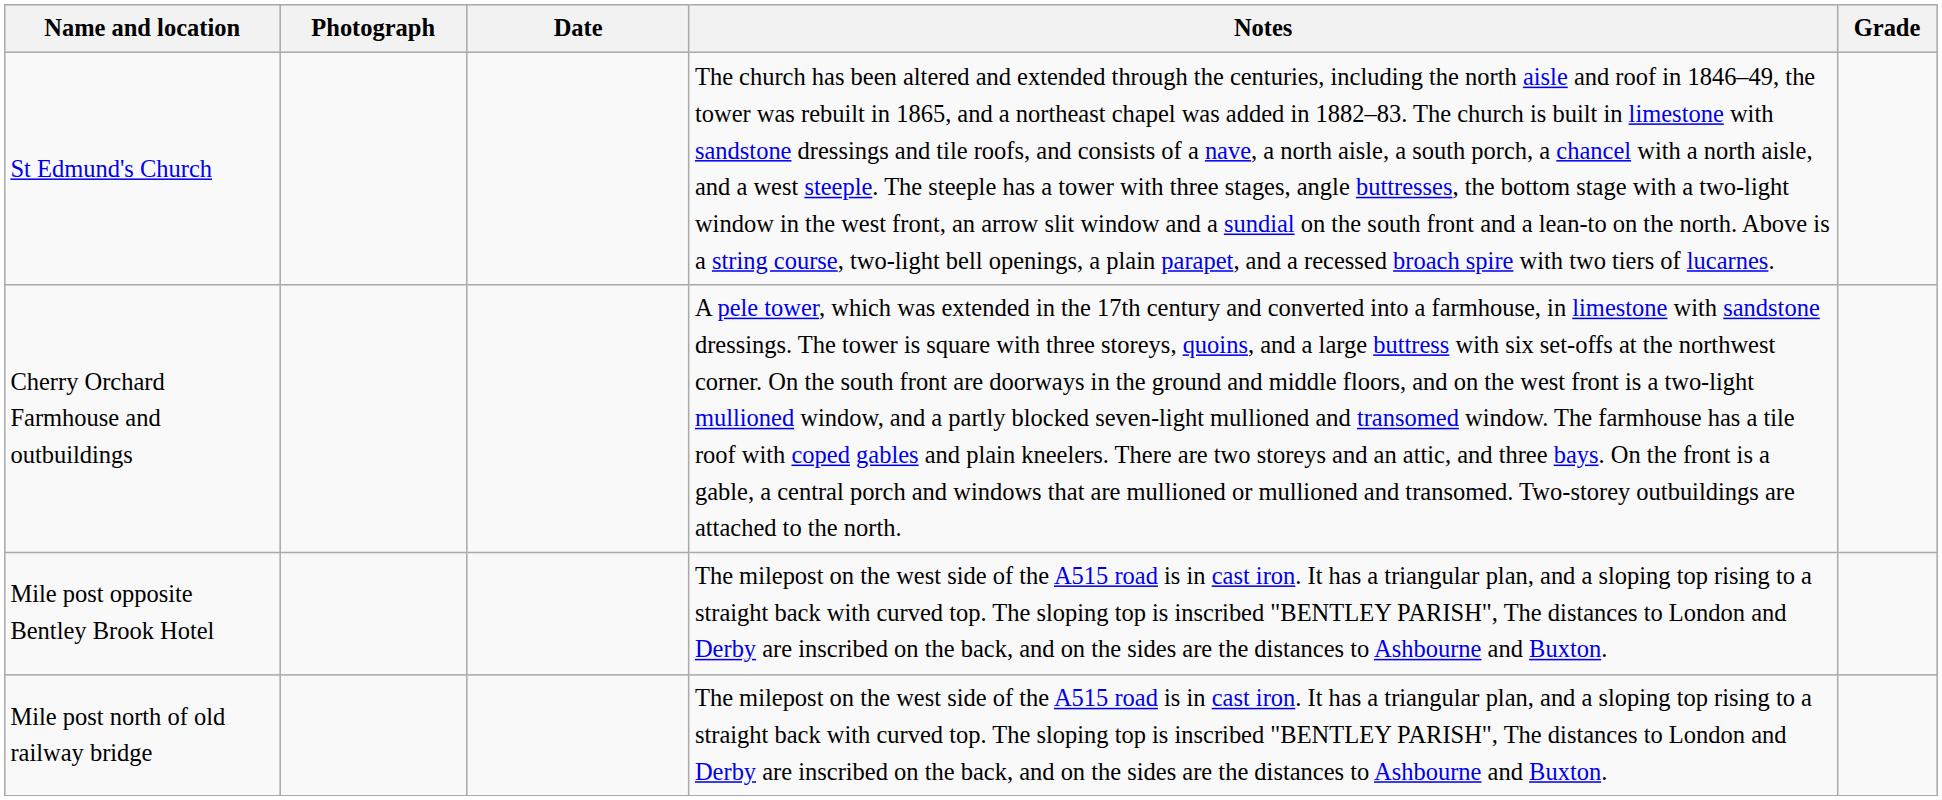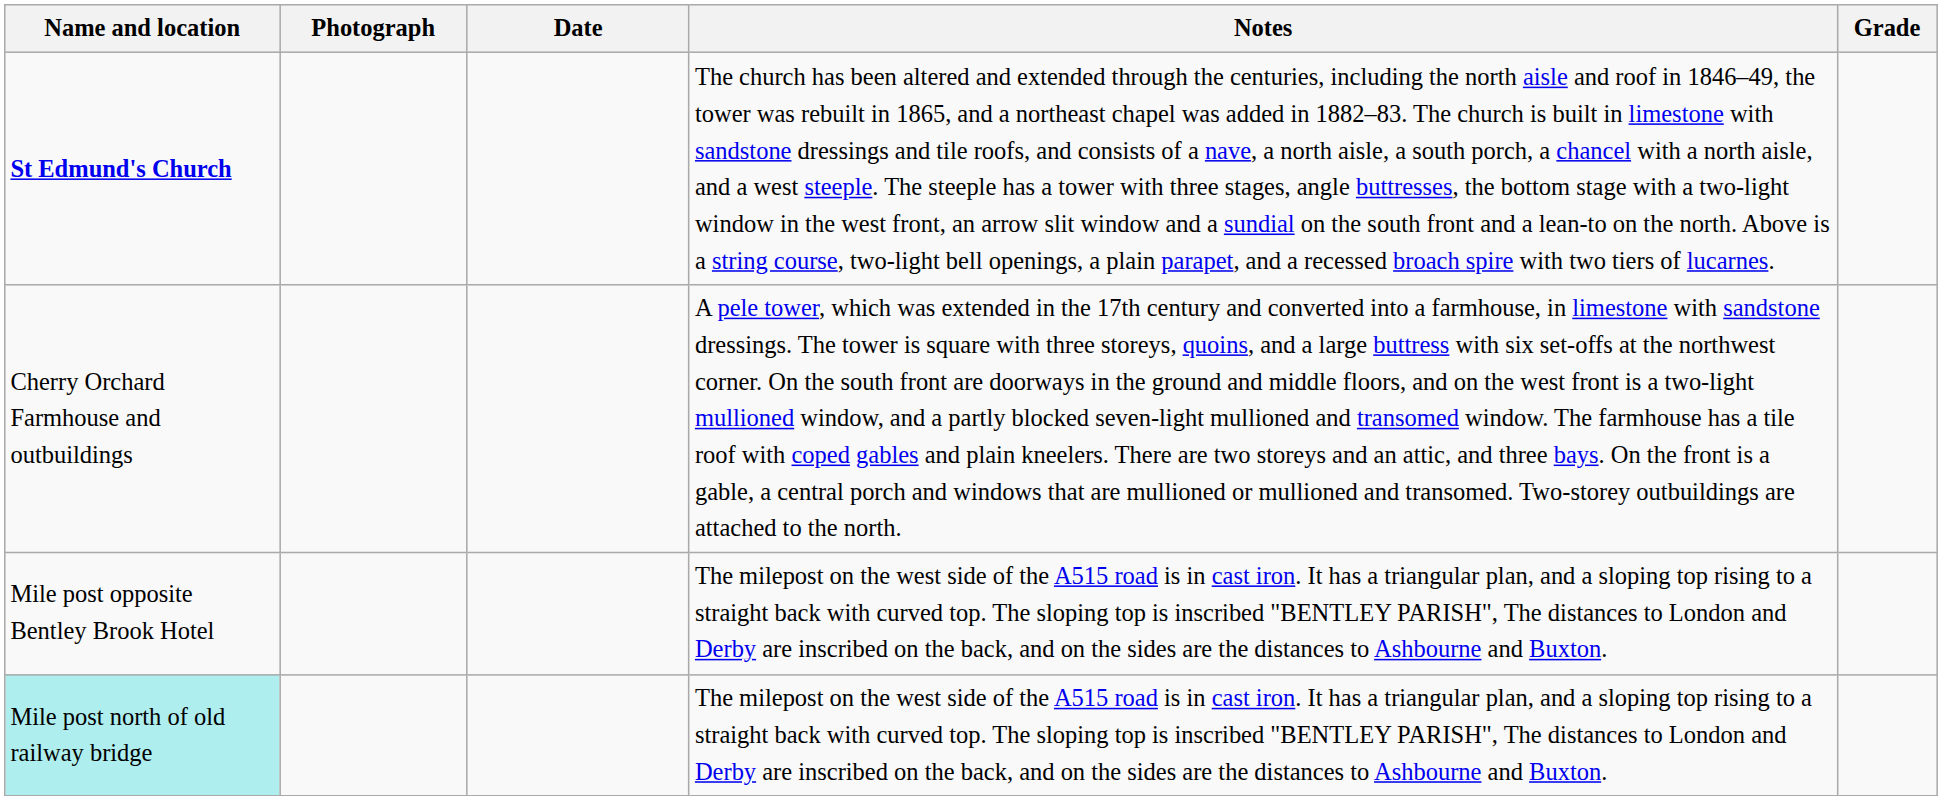 <table class="wikitable sortable plainrowheaders" style="width:100%; border:0; text-align:left; line-height:150%;">
 <tr>
 <th scope="col"  style="width:150px">Name and location</th>
 <th scope="col"  style="width:100px" class="unsortable">Photograph</th>
 <th scope="col"  style="width:120px">Date</th>
 <th scope="col"  style="width:650px" class="unsortable">Notes</th>
 <th scope="col"  style="width:50px">Grade</th>
 </tr>
 <tr>
-<td><a href='#'>St Edmund's Church</a><br><small></small></td>
+<td><strong><a href='#'>St Edmund's Church</a><br><small></small></strong></td>
 <td></td>
 <td align="center"></td>
 <td>The church has been altered and extended through the centuries, including the north <a href='#'>aisle</a> and roof in 1846–49, the tower was rebuilt in 1865, and a northeast chapel was added in 1882–83.  The church is built in <a href='#'>limestone</a> with <a href='#'>sandstone</a> dressings and tile roofs, and consists of a <a href='#'>nave</a>, a north aisle, a south porch, a <a href='#'>chancel</a> with a north aisle, and a west <a href='#'>steeple</a>.  The steeple has a tower with three stages, angle <a href='#'>buttresses</a>, the bottom stage with a two-light window in the west front, an arrow slit window and a <a href='#'>sundial</a> on the south front and a lean-to on the north.  Above is a <a href='#'>string course</a>, two-light bell openings, a plain <a href='#'>parapet</a>, and a recessed <a href='#'>broach spire</a> with two tiers of <a href='#'>lucarnes</a>.</td>
 <td align="center" ></td>
 </tr>
 <tr>
 <td>Cherry Orchard Farmhouse and outbuildings<br><small></small></td>
 <td></td>
 <td align="center"></td>
 <td>A <a href='#'>pele tower</a>, which was extended in the 17th century and converted into a farmhouse, in <a href='#'>limestone</a> with <a href='#'>sandstone</a> dressings.  The tower is square with three storeys, <a href='#'>quoins</a>, and a large <a href='#'>buttress</a> with six set-offs at the northwest corner.  On the south front are doorways in the ground and middle floors, and on the west front is a two-light <a href='#'>mullioned</a> window, and a partly blocked seven-light mullioned and <a href='#'>transomed</a> window.  The farmhouse has a tile roof with <a href='#'>coped</a> <a href='#'>gables</a> and plain kneelers.  There are two storeys and an attic, and three <a href='#'>bays</a>.  On the front is a gable, a central porch and windows that are mullioned or mullioned and transomed.  Two-storey outbuildings are attached to the north.</td>
 <td align="center" ></td>
 </tr>
 <tr>
 <td>Mile post opposite Bentley Brook Hotel<br><small></small></td>
 <td></td>
 <td align="center"></td>
 <td>The milepost on the west side of the <a href='#'>A515 road</a> is in <a href='#'>cast iron</a>.  It has a triangular plan, and a sloping top rising to a straight back with curved top.  The sloping top is inscribed "BENTLEY PARISH", The distances to London and <a href='#'>Derby</a> are inscribed on the back, and on the sides are the distances to <a href='#'>Ashbourne</a> and <a href='#'>Buxton</a>.</td>
 <td align="center" ></td>
 </tr>
 <tr>
-<td>Mile post north of old railway bridge<br><small></small></td>
+<td style="background: paleturquoise;">Mile post north of old railway bridge<br><small></small></td>
 <td></td>
 <td align="center"></td>
 <td>The milepost on the west side of the <a href='#'>A515 road</a> is in <a href='#'>cast iron</a>.  It has a triangular plan, and a sloping top rising to a straight back with curved top.  The sloping top is inscribed "BENTLEY PARISH", The distances to London and <a href='#'>Derby</a> are inscribed on the back, and on the sides are the distances to <a href='#'>Ashbourne</a> and <a href='#'>Buxton</a>.</td>
 <td align="center" ></td>
 </tr>
 <tr>
 </tr>
 </table>
